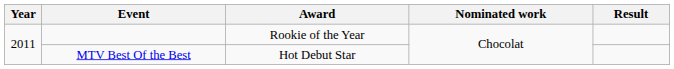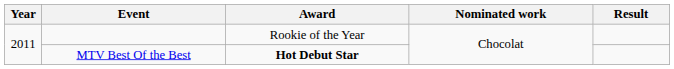 <table class="wikitable">
 <tr>
 <th width="40">Year</th>
 <th width="225">Event</th>
 <th width="225">Award</th>
 <th width="225">Nominated work</th>
 <th width="90">Result</th>
 </tr>
 <tr>
 <td align="center" rowspan="2">2011</td>
 <td align="center" rowspan="1"></td>
 <td align="center" rowspan="1">Rookie of the Year</td>
 <td align="center" rowspan="2">Chocolat</td>
 <td></td>
 </tr>
 <tr>
 <td align="center" rowspan="1"><a href='#'>MTV Best Of the Best</a></td>
-<td rowspan="1" align="center">Hot Debut Star</td>
+<td rowspan="1" align="center"><strong>Hot Debut Star</strong></td>
 <td></td>
 </tr>
 </table>
